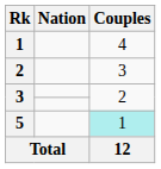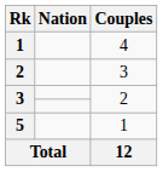 <table class="wikitable sortable" style="text-align: center;">
 <tr>
 <th>Rk</th>
 <th>Nation</th>
 <th>Couples</th>
 </tr>
 <tr>
 <th>1</th>
 <td></td>
 <td>4</td>
 </tr>
 <tr>
 <th>2</th>
 <td></td>
 <td>3</td>
 </tr>
 <tr>
 <th rowspan="2">3</th>
 <td></td>
 <td rowspan="2">2</td>
 </tr>
 <tr>
 <td></td>
 </tr>
 <tr>
 <th>5</th>
 <td></td>
-<td style="background: paleturquoise;">1</td>
+<td>1</td>
 </tr>
 <tr class="sortbottom">
 <th colspan="2">Total</th>
 <th>12</th>
 </tr>
 </table>
